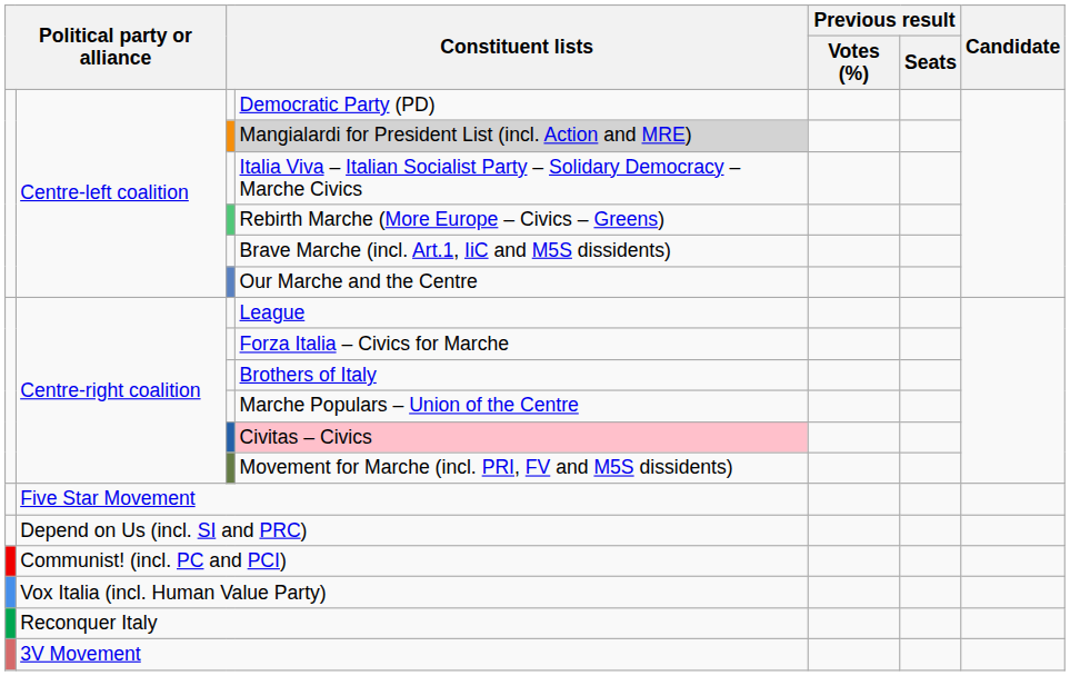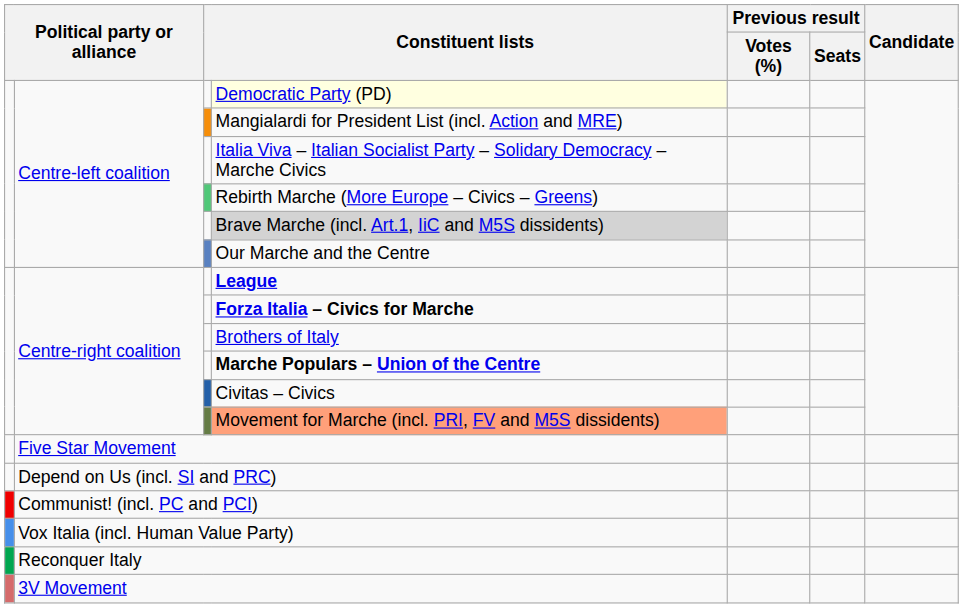 <table class="wikitable" style="text-align:left">
 <tr>
 <th colspan=2 rowspan="2">Political party or alliance</th>
 <th colspan=2 rowspan="2">Constituent lists</th>
 <th colspan="2">Previous result</th>
 <th rowspan="2">Candidate</th>
 </tr>
 <tr>
 <th>Votes (%)</th>
 <th>Seats</th>
 </tr>
 <tr>
 <td rowspan="6"></td>
 <td rowspan="6"><a href='#'>Centre-left coalition</a></td>
 <td></td>
-<td style="text-align:left;"><a href='#'>Democratic Party</a> (PD)</td>
+<td style="background: lightyellow; text-align:left;"><a href='#'>Democratic Party</a> (PD)</td>
 <td></td>
 <td></td>
 <td rowspan="6"></td>
 </tr>
 <tr>
 <td bgcolor="#f68e0a"></td>
-<td style="background: lightgrey; text-align:left;">Mangialardi for President List (incl. <a href='#'>Action</a> and <a href='#'>MRE</a>)</td>
+<td style="text-align:left;">Mangialardi for President List (incl. <a href='#'>Action</a> and <a href='#'>MRE</a>)</td>
 <td></td>
 <td></td>
 </tr>
 <tr>
 <td></td>
 <td><a href='#'>Italia Viva</a> – <a href='#'>Italian Socialist Party</a> – <a href='#'>Solidary Democracy</a> – Marche Civics</td>
 <td></td>
 <td></td>
 </tr>
 <tr>
 <td bgcolor="#50C878"></td>
 <td style="text-align:left;">Rebirth Marche (<a href='#'>More Europe</a> – Civics – <a href='#'>Greens</a>)</td>
 <td></td>
 <td></td>
 </tr>
 <tr>
 <td></td>
-<td>Brave Marche (incl. <a href='#'>Art.1</a>, <a href='#'>IiC</a> and <a href='#'>M5S</a> dissidents)</td>
+<td style="background: lightgrey;">Brave Marche (incl. <a href='#'>Art.1</a>, <a href='#'>IiC</a> and <a href='#'>M5S</a> dissidents)</td>
 <td></td>
 <td></td>
 </tr>
 <tr>
 <td bgcolor="#5981C1"></td>
 <td style="text-align:left;">Our Marche and the Centre</td>
 <td></td>
 <td></td>
 </tr>
 <tr>
 <td rowspan="6" style="background:"></td>
 <td rowspan=6><a href='#'>Centre-right coalition</a></td>
 <td></td>
-<td style="text-align:left;"><a href='#'>League</a></td>
+<td style="text-align:left;"><strong><a href='#'>League</a></strong></td>
 <td></td>
 <td></td>
 <td rowspan="6"></td>
 </tr>
 <tr>
 <td></td>
-<td style="text-align:left;"><a href='#'>Forza Italia</a> – Civics for Marche</td>
+<td style="text-align:left;"><strong><a href='#'>Forza Italia</a> – Civics for Marche</strong></td>
 <td></td>
 <td></td>
 </tr>
 <tr>
 <td></td>
 <td style="text-align:left;"><a href='#'>Brothers of Italy</a></td>
 <td></td>
 <td></td>
 </tr>
 <tr>
 <td></td>
-<td style="text-align:left;">Marche Populars – <a href='#'>Union of the Centre</a></td>
+<td style="text-align:left;"><strong>Marche Populars – <a href='#'>Union of the Centre</a></strong></td>
 <td></td>
 <td></td>
 </tr>
 <tr>
 <td bgcolor="#2460a8"></td>
-<td style="background: pink; text-align:left;">Civitas – Civics</td>
+<td style="text-align:left;">Civitas – Civics</td>
 <td></td>
 <td></td>
 </tr>
 <tr>
 <td bgcolor="#657c45"></td>
-<td style="text-align:left;">Movement for Marche (incl. <a href='#'>PRI</a>, <a href='#'>FV</a> and <a href='#'>M5S</a> dissidents)</td>
+<td style="background: lightsalmon; text-align:left;">Movement for Marche (incl. <a href='#'>PRI</a>, <a href='#'>FV</a> and <a href='#'>M5S</a> dissidents)</td>
 <td></td>
 <td></td>
 </tr>
 <tr>
 <td style="background-color:"></td>
 <td colspan="3"><a href='#'>Five Star Movement</a></td>
 <td></td>
 <td></td>
 <td></td>
 </tr>
 <tr>
 <td style="background-color:"></td>
 <td colspan="3">Depend on Us (incl. <a href='#'>SI</a> and <a href='#'>PRC</a>)</td>
 <td></td>
 <td></td>
 <td></td>
 </tr>
 <tr>
 <td style="background-color:#F00000"></td>
 <td colspan="3">Communist! (incl. <a href='#'>PC</a> and <a href='#'>PCI</a>)</td>
 <td></td>
 <td></td>
 <td></td>
 </tr>
 <tr>
 <td style="background-color:#468fea"></td>
 <td colspan="3">Vox Italia (incl. Human Value Party)</td>
 <td></td>
 <td></td>
 <td></td>
 </tr>
 <tr>
 <td bgcolor="#00A650"></td>
 <td colspan="3">Reconquer Italy</td>
 <td></td>
 <td></td>
 <td></td>
 </tr>
 <tr>
 <td style="background-color:#D56A6A"></td>
 <td colspan="3"><a href='#'>3V Movement</a></td>
 <td></td>
 <td></td>
 <td></td>
 </tr>
 </table>
